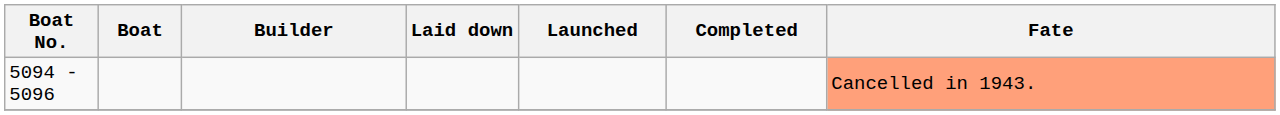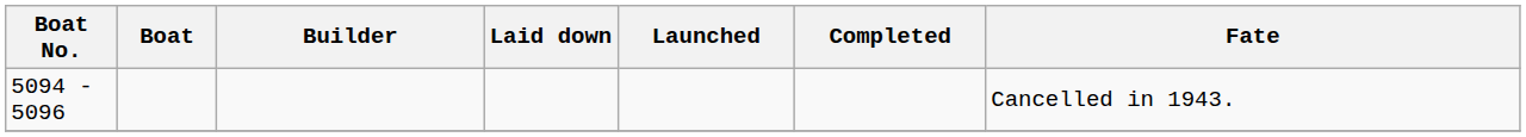 <table class="wikitable">
 <tr>
 <th width="4%">Boat No.</th>
 <th width="3%">Boat</th>
 <th width="10%">Builder</th>
 <th width="5%">Laid down</th>
 <th width="5%">Launched</th>
 <th width="5%">Completed</th>
 <th width="20%">Fate</th>
 </tr>
 <tr>
 <td>5094 - 5096</td>
 <td></td>
 <td></td>
 <td></td>
 <td></td>
 <td></td>
-<td style="background: lightsalmon;">Cancelled in 1943.</td>
+<td>Cancelled in 1943.</td>
 </tr>
 <tr>
 </tr>
 </table>
